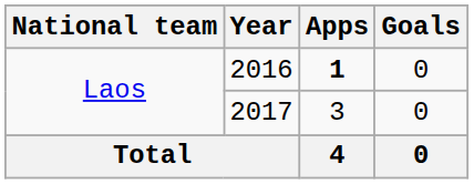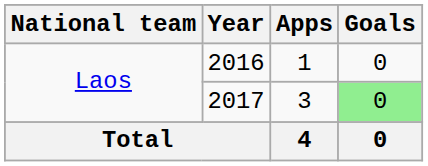 <table class="wikitable" style="text-align:center">
 <tr>
 <th>National team</th>
 <th>Year</th>
 <th>Apps</th>
 <th>Goals</th>
 </tr>
 <tr>
 <td rowspan="2"><a href='#'>Laos</a></td>
 <td>2016</td>
-<td><strong>1</strong></td>
+<td>1</td>
 <td>0</td>
 </tr>
 <tr>
 <td>2017</td>
 <td>3</td>
-<td>0</td>
+<td style="background: lightgreen;">0</td>
 </tr>
 <tr>
 <th colspan=2>Total</th>
 <th>4</th>
 <th>0</th>
 </tr>
 </table>
